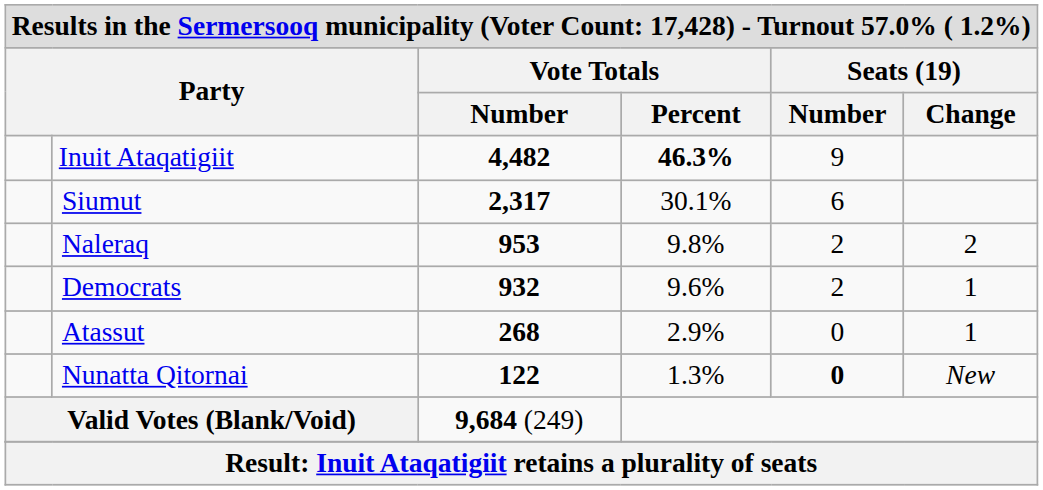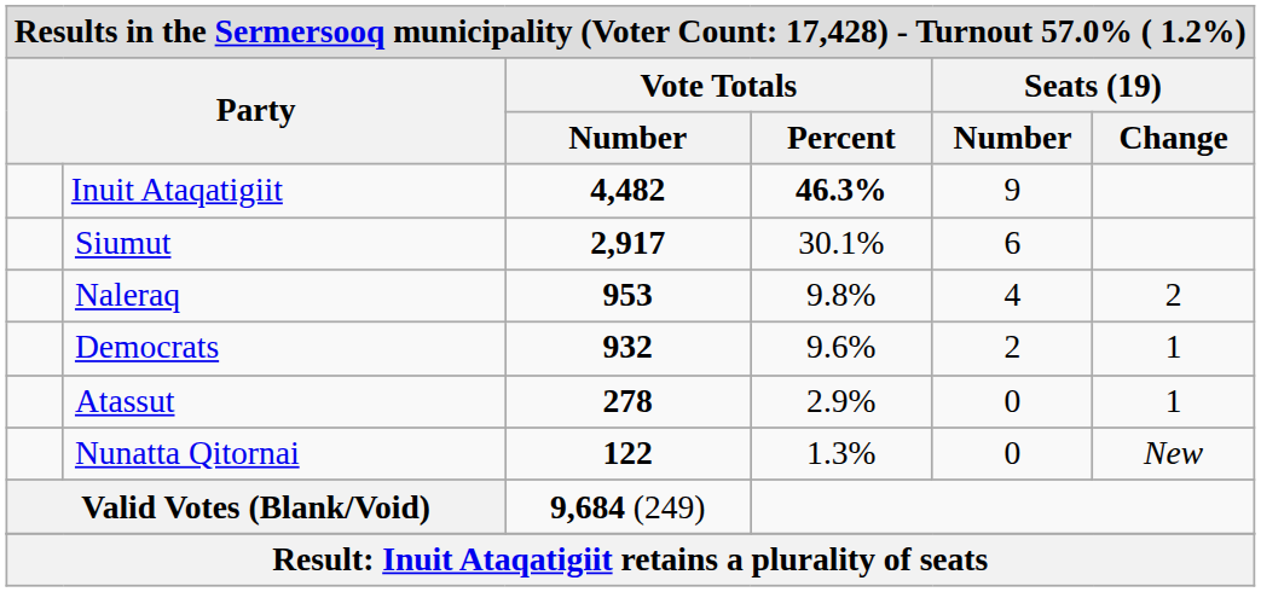 <table class="wikitable" style="margin-left:1em;">
 <tr>
 <th colspan="6" style="background:#dddddd; text-align:center;"><strong>Results in the <a href='#'>Sermersooq</a> municipality</strong> (Voter Count: 17,428) - Turnout 57.0% ( 1.2%)</th>
 </tr>
 <tr>
 <th colspan="2" rowspan="2">Party</th>
 <th colspan="2">Vote Totals</th>
 <th colspan="2">Seats (19)</th>
 </tr>
 <tr>
 <th>Number</th>
 <th style="width:80px;">Percent</th>
 <th style="width:70px;">Number</th>
 <th style="width:70px;">Change</th>
 </tr>
 <tr>
 <td style="width:20px; background:"></td>
 <td style="width:200px padding-left:5px;"><a href='#'>Inuit Ataqatigiit</a></td>
 <td style="text-align:center;"><strong>4,482</strong></td>
 <td style="text-align:center;"><strong>46.3%</strong></td>
 <td style="text-align:center;">9</td>
 <td style="text-align:center;"></td>
 </tr>
 <tr>
 <td style="background:"></td>
 <td style="padding-left:5px;"><a href='#'>Siumut</a></td>
-<td style="text-align:center;"><strong>2,317</strong></td>
+<td style="text-align:center;"><strong>2,917</strong></td>
 <td style="text-align:center;">30.1%</td>
 <td style="text-align:center;">6</td>
 <td style="text-align:center;"></td>
 </tr>
 <tr>
 <td style="background:"></td>
 <td style="padding-left:5px;"><a href='#'>Naleraq</a></td>
 <td style="text-align:center;"><strong>953</strong></td>
 <td style="text-align:center;">9.8%</td>
-<td style="text-align:center;">2</td>
+<td style="text-align:center;">4</td>
 <td style="text-align:center;"> 2</td>
 </tr>
 <tr>
 <td style="background:"></td>
 <td style="padding-left:5px;"><a href='#'>Democrats</a></td>
 <td style="text-align:center;"><strong>932</strong></td>
 <td style="text-align:center;">9.6%</td>
 <td style="text-align:center;">2</td>
 <td style="text-align:center;"> 1</td>
 </tr>
 <tr>
 <td style="background:"></td>
 <td style="padding-left:5px;"><a href='#'>Atassut</a></td>
-<td style="text-align:center;"><strong>268</strong></td>
+<td style="text-align:center;"><strong>278</strong></td>
 <td style="text-align:center;">2.9%</td>
 <td style="text-align:center;">0</td>
 <td style="text-align:center;"> 1</td>
 </tr>
 <tr>
 <td style="background:"></td>
 <td style="padding-left:5px;"><a href='#'>Nunatta Qitornai</a></td>
 <td style="text-align:center;"><strong>122</strong></td>
 <td style="text-align:center;">1.3%</td>
-<td style="text-align:center;"><strong>0</strong></td>
+<td style="text-align:center;">0</td>
 <td style="text-align:center;"><em>New</em></td>
 </tr>
 <tr>
 <th colspan="2" rowspan="1"><strong>Valid Votes</strong> (Blank/Void)</th>
 <td style="text-align:center;"><strong>9,684</strong> (249)</td>
 <td colspan="4"></td>
 </tr>
 <tr>
 </tr>
 <tr>
 <th colspan="6">Result: <a href='#'>Inuit Ataqatigiit</a> retains a plurality of seats</th>
 </tr>
 </table>
